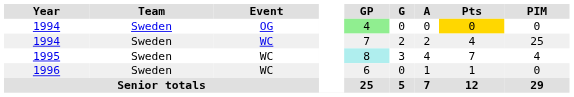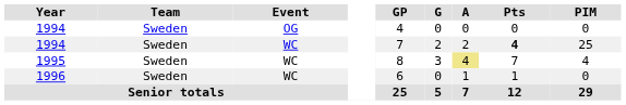 <table border="0" cellpadding="1" cellspacing="0" style="text-align:center; width:50em">
 <tr ALIGN="center" bgcolor="#e0e0e0">
 <th>Year</th>
 <th>Team</th>
 <th>Event</th>
 <th rowspan="99" bgcolor="#ffffff"> </th>
 <th>GP</th>
 <th>G</th>
 <th>A</th>
 <th>Pts</th>
 <th>PIM</th>
 </tr>
 <tr>
 <td><a href='#'>1994</a></td>
 <td><a href='#'>Sweden</a></td>
 <td><a href='#'>OG</a></td>
-<td style="background: lightgreen;">4</td>
+<td>4</td>
 <td>0</td>
 <td>0</td>
-<td style="background: gold;">0</td>
+<td>0</td>
 <td>0</td>
 </tr>
 <tr bgcolor="#f0f0f0">
 <td><a href='#'>1994</a></td>
 <td>Sweden</td>
 <td><a href='#'>WC</a></td>
 <td>7</td>
 <td>2</td>
 <td>2</td>
-<td>4</td>
+<td><strong>4</strong></td>
 <td>25</td>
 </tr>
 <tr>
 <td><a href='#'>1995</a></td>
 <td>Sweden</td>
 <td>WC</td>
-<td style="background: paleturquoise;">8</td>
+<td>8</td>
 <td>3</td>
-<td>4</td>
+<td style="background: khaki;">4</td>
 <td>7</td>
 <td>4</td>
 </tr>
 <tr bgcolor="#f0f0f0">
 <td><a href='#'>1996</a></td>
 <td>Sweden</td>
 <td>WC</td>
 <td>6</td>
 <td>0</td>
 <td>1</td>
 <td>1</td>
 <td>0</td>
 </tr>
 <tr bgcolor="#e0e0e0">
 <th colspan=3>Senior totals</th>
 <th>25</th>
 <th>5</th>
 <th>7</th>
 <th>12</th>
 <th>29</th>
 </tr>
 </table>
